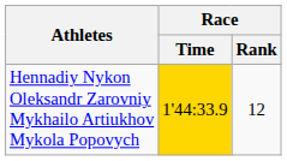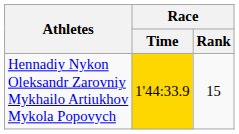 <table class="wikitable" border="1" style="font-size:90%">
 <tr>
 <th rowspan=2>Athletes</th>
 <th colspan=2>Race</th>
 </tr>
 <tr>
 <th>Time</th>
 <th>Rank</th>
 </tr>
 <tr>
 <td><a href='#'>Hennadiy Nykon</a><br><a href='#'>Oleksandr Zarovniy</a><br><a href='#'>Mykhailo Artiukhov</a><br><a href='#'>Mykola Popovych</a></td>
 <td align=center style="background: gold;">1'44:33.9</td>
-<td align=center>12</td>
+<td align=center>15</td>
 </tr>
 </table>
